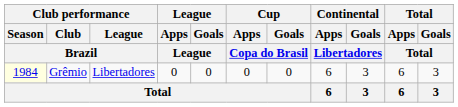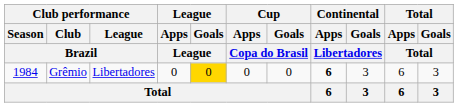 <table class="wikitable" style="text-align:center;">
 <tr>
 <th colspan=3>Club performance</th>
 <th colspan=2>League</th>
 <th colspan=2>Cup</th>
 <th colspan=2>Continental</th>
 <th colspan=2>Total</th>
 </tr>
 <tr>
 <th>Season</th>
 <th>Club</th>
 <th>League</th>
 <th>Apps</th>
 <th>Goals</th>
 <th>Apps</th>
 <th>Goals</th>
 <th>Apps</th>
 <th>Goals</th>
 <th>Apps</th>
 <th>Goals</th>
 </tr>
 <tr>
 <th colspan=3>Brazil</th>
 <th colspan=2>League</th>
 <th colspan=2><a href='#'>Copa do Brasil</a></th>
 <th colspan=2><a href='#'>Libertadores</a></th>
 <th colspan=2>Total</th>
 </tr>
 <tr>
-<td style="background: lightyellow;"><a href='#'>1984</a></td>
+<td><a href='#'>1984</a></td>
 <td><a href='#'>Grêmio</a></td>
 <td><a href='#'>Libertadores</a></td>
 <td>0</td>
+<td style="background: gold;">0</td>
 <td>0</td>
 <td>0</td>
-<td>0</td>
-<td>6</td>
+<td><strong>6</strong></td>
 <td>3</td>
 <td>6</td>
 <td>3</td>
 </tr>
 <tr>
 <th colspan=7>Total</th>
 <th>6</th>
 <th>3</th>
 <th>6</th>
 <th>3</th>
 </tr>
 </table>
